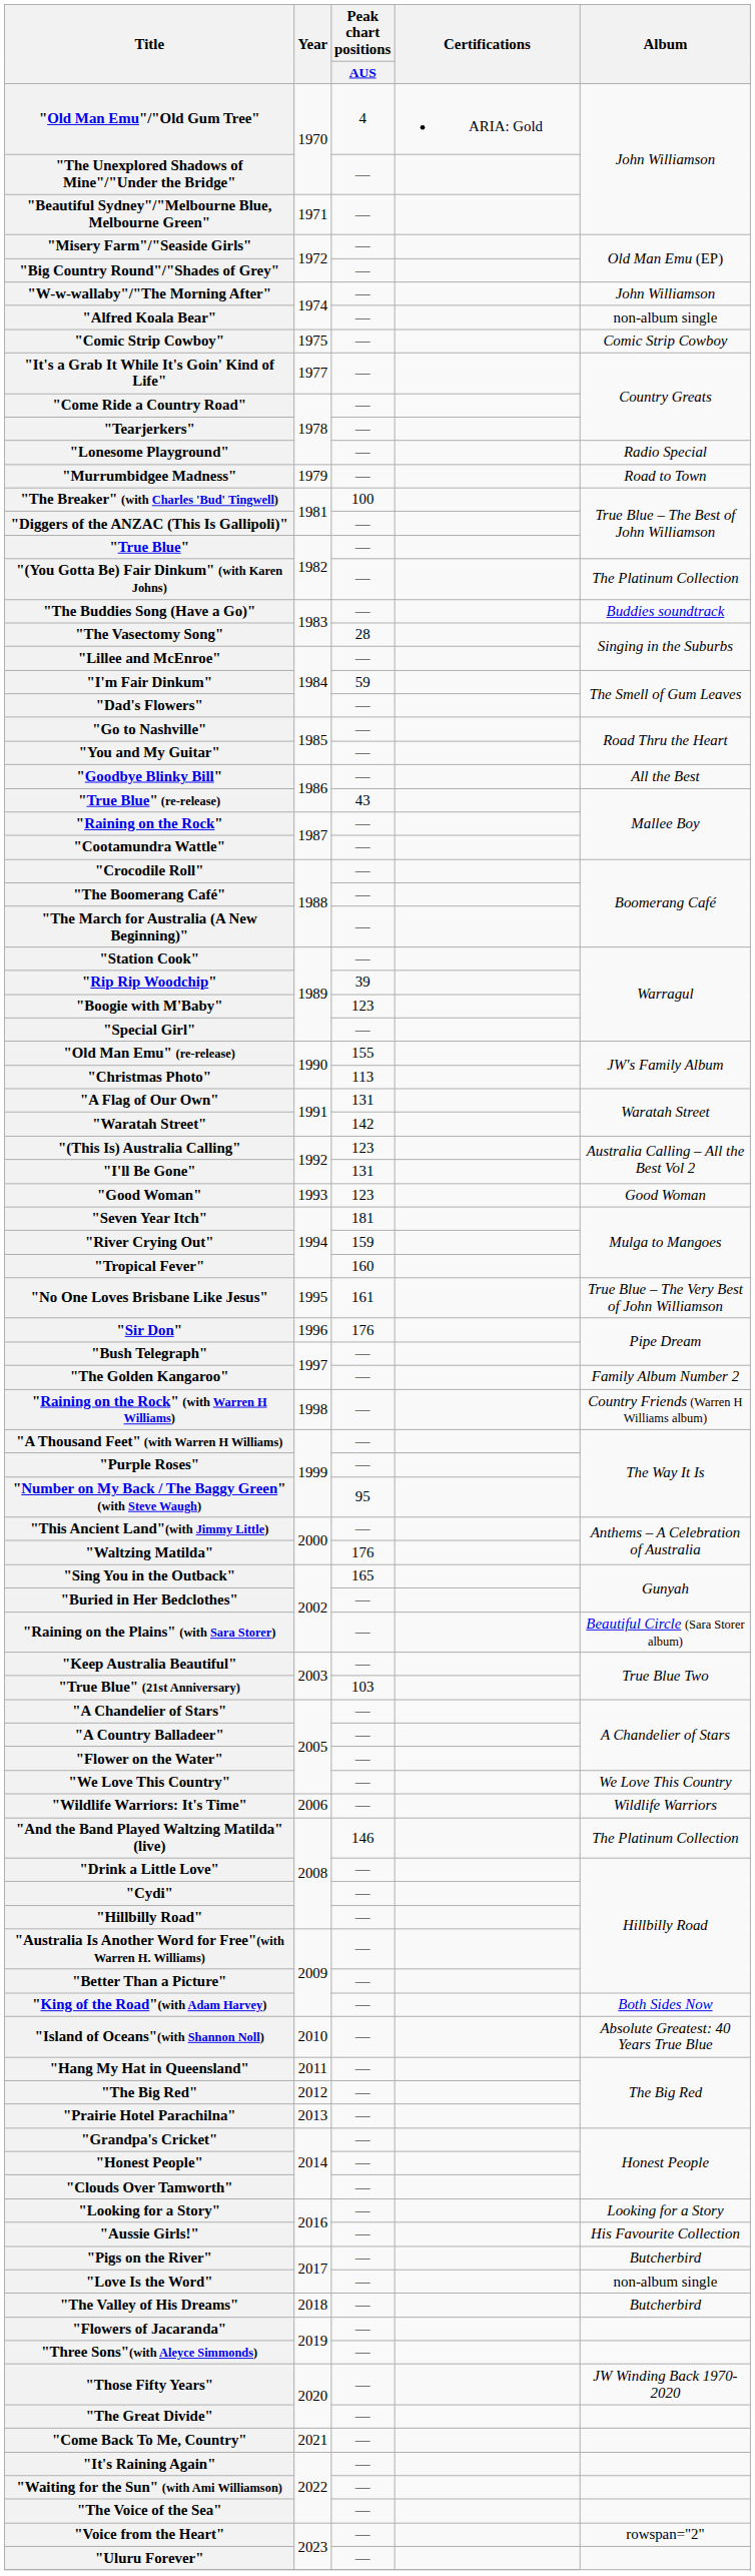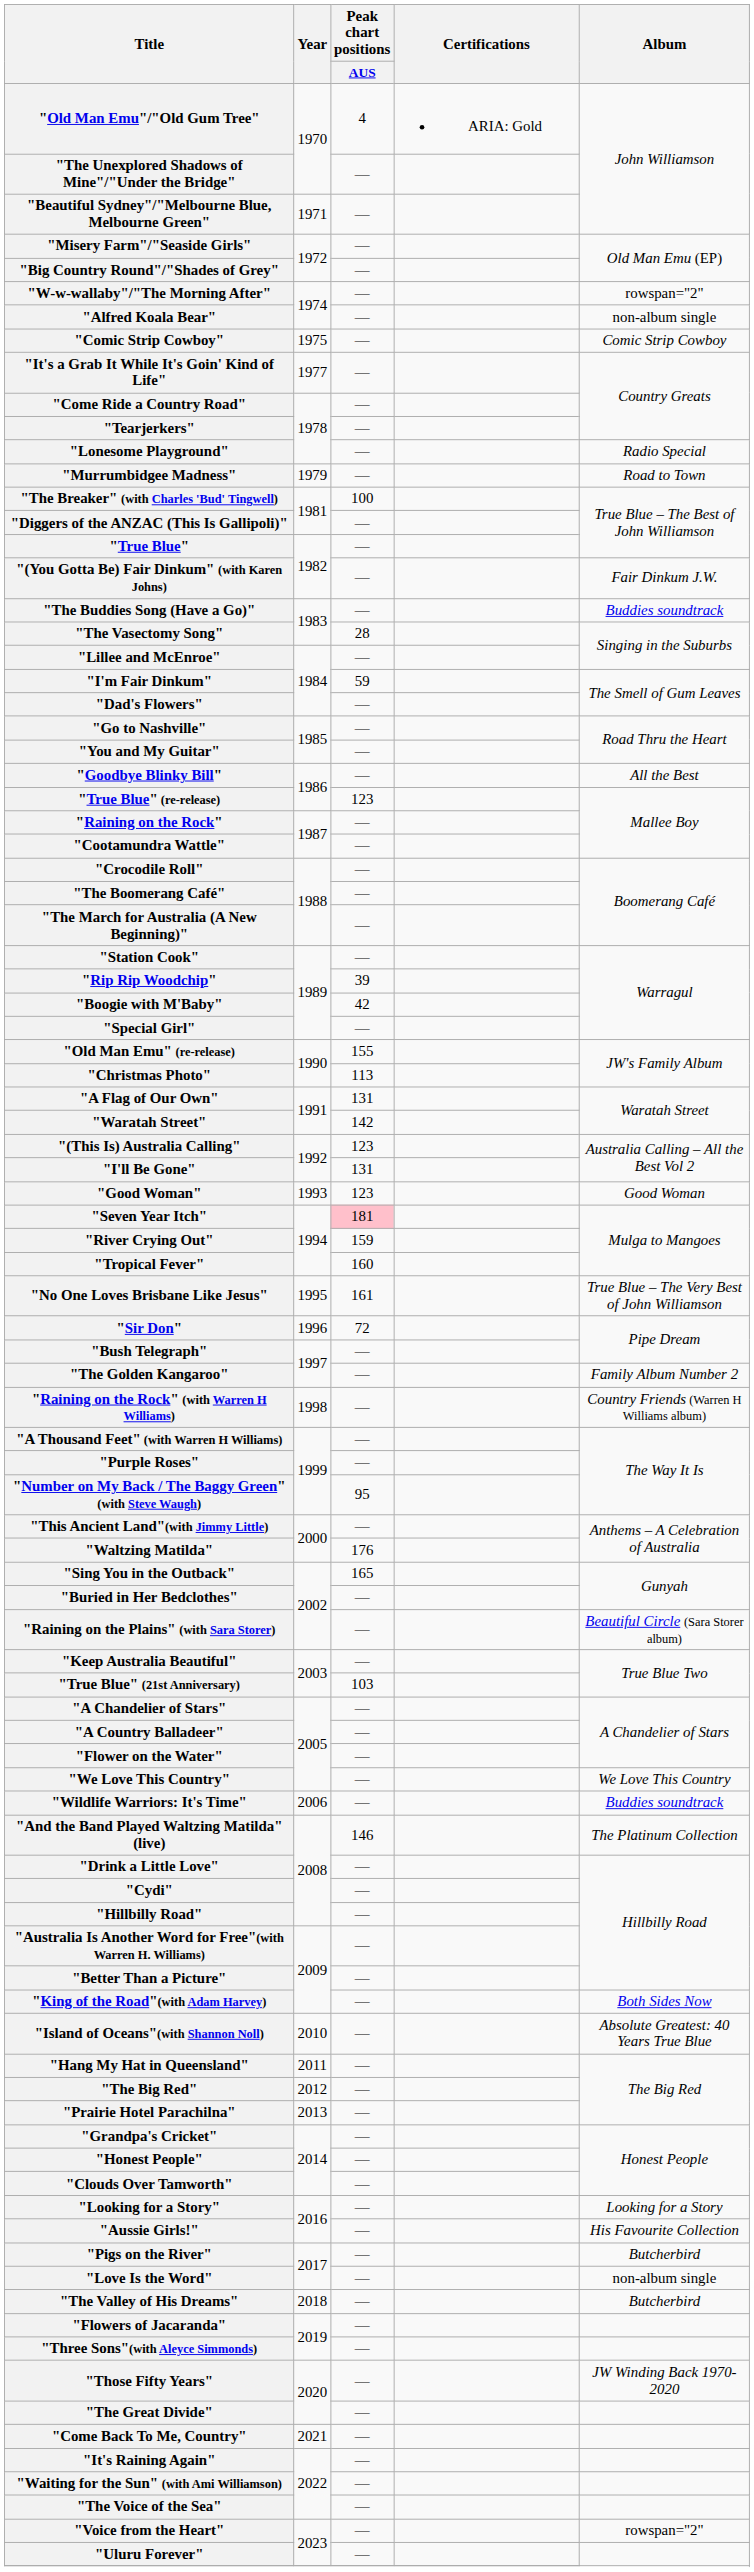 <table class="wikitable plainrowheaders" style="text-align:center;" border="1">
 <tr>
 <th scope="col" rowspan="2" style="width:19em;">Title</th>
 <th scope="col" rowspan="2" style="width:1em;">Year</th>
 <th scope="col" colspan="1">Peak chart positions</th>
 <th scope="col" rowspan="2" style="width:12em;">Certifications</th>
 <th scope="col" rowspan="2" style="width:11em;">Album</th>
 </tr>
 <tr>
 <th scope="col" style="width:3em;font-size:90%;"><a href='#'>AUS</a><br></th>
 </tr>
 <tr>
 <th scope="row">"<a href='#'>Old Man Emu</a>"/"Old Gum Tree"</th>
 <td rowspan="2">1970</td>
 <td>4</td>
 <td><br><ul><li>ARIA: Gold</li></ul></td>
 <td rowspan="3"><em>John Williamson</em></td>
 </tr>
 <tr>
 <th scope="row">"The Unexplored Shadows of Mine"/"Under the Bridge"</th>
 <td>—</td>
 <td></td>
 </tr>
 <tr>
 <th scope="row">"Beautiful Sydney"/"Melbourne Blue, Melbourne Green"</th>
 <td>1971</td>
 <td>—</td>
 <td></td>
 </tr>
 <tr>
 <th scope="row">"Misery Farm"/"Seaside Girls"</th>
 <td rowspan="2">1972</td>
 <td>—</td>
 <td></td>
 <td rowspan="2"><em>Old Man Emu</em> (EP)</td>
 </tr>
 <tr>
 <th scope="row">"Big Country Round"/"Shades of Grey"</th>
 <td>—</td>
 <td></td>
 </tr>
 <tr>
 <th scope="row">"W-w-wallaby"/"The Morning After"</th>
 <td rowspan="2">1974</td>
 <td>—</td>
 <td></td>
-<td><em>John Williamson</em></td>
+<td>rowspan="2" </td>
 </tr>
 <tr>
 <th scope="row">"Alfred Koala Bear"</th>
 <td>—</td>
 <td></td>
 <td>non-album single</td>
 </tr>
 <tr>
 <th scope="row">"Comic Strip Cowboy"</th>
 <td>1975</td>
 <td>—</td>
 <td></td>
 <td><em>Comic Strip Cowboy</em></td>
 </tr>
 <tr>
 <th scope="row">"It's a Grab It While It's Goin' Kind of Life"</th>
 <td>1977</td>
 <td>—</td>
 <td></td>
 <td rowspan="3"><em>Country Greats</em></td>
 </tr>
 <tr>
 <th scope="row">"Come Ride a Country Road"</th>
 <td rowspan="3">1978</td>
 <td>—</td>
 <td></td>
 </tr>
 <tr>
 <th scope="row">"Tearjerkers"</th>
 <td>—</td>
 <td></td>
 </tr>
 <tr>
 <th scope="row">"Lonesome Playground"</th>
 <td>—</td>
 <td></td>
 <td><em>Radio Special</em></td>
 </tr>
 <tr>
 <th scope="row">"Murrumbidgee Madness"</th>
 <td>1979</td>
 <td>—</td>
 <td></td>
 <td><em>Road to Town</em></td>
 </tr>
 <tr>
 <th scope="row">"The Breaker" <small> (with <a href='#'>Charles 'Bud' Tingwell</a>)</small></th>
 <td rowspan="2">1981</td>
 <td>100</td>
 <td></td>
 <td rowspan="3"><em>True Blue – The Best of John Williamson</em></td>
 </tr>
 <tr>
 <th scope="row">"Diggers of the ANZAC (This Is Gallipoli)"</th>
 <td>—</td>
 <td></td>
 </tr>
 <tr>
 <th scope="row">"<a href='#'>True Blue</a>"</th>
 <td rowspan="2">1982</td>
 <td>—</td>
 <td></td>
 </tr>
 <tr>
 <th scope="row">"(You Gotta Be) Fair Dinkum" <small> (with Karen Johns)</small></th>
 <td>—</td>
 <td></td>
-<td rowspan="1"><em>The Platinum Collection</em></td>
+<td><em>Fair Dinkum J.W.</em></td>
 </tr>
 <tr>
 <th scope="row">"The Buddies Song (Have a Go)"</th>
 <td rowspan="2">1983</td>
 <td>—</td>
 <td></td>
 <td><em><a href='#'>Buddies soundtrack</a></em></td>
 </tr>
 <tr>
 <th scope="row">"The Vasectomy Song"</th>
 <td>28</td>
 <td></td>
 <td rowspan="2"><em>Singing in the Suburbs</em></td>
 </tr>
 <tr>
 <th scope="row">"Lillee and McEnroe"</th>
 <td rowspan="3">1984</td>
 <td>—</td>
 <td></td>
 </tr>
 <tr>
 <th scope="row">"I'm Fair Dinkum"</th>
 <td>59</td>
 <td></td>
 <td rowspan="2"><em>The Smell of Gum Leaves</em></td>
 </tr>
 <tr>
 <th scope="row">"Dad's Flowers"</th>
 <td>—</td>
 <td></td>
 </tr>
 <tr>
 <th scope="row">"Go to Nashville"</th>
 <td rowspan="2">1985</td>
 <td>—</td>
 <td></td>
 <td rowspan="2"><em>Road Thru the Heart</em></td>
 </tr>
 <tr>
 <th scope="row">"You and My Guitar"</th>
 <td>—</td>
 <td></td>
 </tr>
 <tr>
 <th scope="row">"<a href='#'>Goodbye Blinky Bill</a>"</th>
 <td rowspan="2">1986</td>
 <td>—</td>
 <td></td>
 <td><em>All the Best</em></td>
 </tr>
 <tr>
 <th scope="row">"<a href='#'>True Blue</a>"<small> (re-release) </small></th>
-<td>43</td>
+<td>123</td>
 <td></td>
 <td rowspan="3"><em>Mallee Boy</em></td>
 </tr>
 <tr>
 <th scope="row">"<a href='#'>Raining on the Rock</a>"</th>
 <td rowspan="2">1987</td>
 <td>—</td>
 <td></td>
 </tr>
 <tr>
 <th scope="row">"Cootamundra Wattle"</th>
 <td>—</td>
 <td></td>
 </tr>
 <tr>
 <th scope="row">"Crocodile Roll"</th>
 <td rowspan="3">1988</td>
 <td>—</td>
 <td></td>
 <td rowspan="3"><em>Boomerang Café</em></td>
 </tr>
 <tr>
 <th scope="row">"The Boomerang Café"</th>
 <td>—</td>
 <td></td>
 </tr>
 <tr>
 <th scope="row">"The March for Australia (A New Beginning)"</th>
 <td>—</td>
 <td></td>
 </tr>
 <tr>
 <th scope="row">"Station Cook"</th>
 <td rowspan="4">1989</td>
 <td>—</td>
 <td></td>
 <td rowspan="4"><em>Warragul</em></td>
 </tr>
 <tr>
 <th scope="row">"<a href='#'>Rip Rip Woodchip</a>"</th>
 <td>39</td>
 <td></td>
 </tr>
 <tr>
 <th scope="row">"Boogie with M'Baby"</th>
-<td>123</td>
+<td>42</td>
 <td></td>
 </tr>
 <tr>
 <th scope="row">"Special Girl"</th>
 <td>—</td>
 <td></td>
 </tr>
 <tr>
 <th scope="row">"Old Man Emu" <small>(re-release)</small></th>
 <td rowspan="2">1990</td>
 <td>155</td>
 <td></td>
 <td rowspan="2"><em>JW's Family Album</em></td>
 </tr>
 <tr>
 <th scope="row">"Christmas Photo"</th>
 <td>113</td>
 <td></td>
 </tr>
 <tr>
 <th scope="row">"A Flag of Our Own"</th>
 <td rowspan="2">1991</td>
 <td>131</td>
 <td></td>
 <td rowspan="2"><em>Waratah Street</em></td>
 </tr>
 <tr>
 <th scope="row">"Waratah Street"</th>
 <td>142</td>
 <td></td>
 </tr>
 <tr>
 <th scope="row">"(This Is) Australia Calling"</th>
 <td rowspan="2">1992</td>
 <td>123</td>
 <td></td>
 <td rowspan="2"><em>Australia Calling – All the Best Vol 2</em></td>
 </tr>
 <tr>
 <th scope="row">"I'll Be Gone"</th>
 <td>131</td>
 <td></td>
 </tr>
 <tr>
 <th scope="row">"Good Woman"</th>
 <td rowspan="1">1993</td>
 <td>123</td>
 <td></td>
 <td rowspan="1"><em>Good Woman</em></td>
 </tr>
 <tr>
 <th scope="row">"Seven Year Itch"</th>
 <td rowspan="3">1994</td>
-<td>181</td>
+<td style="background: pink;">181</td>
 <td></td>
 <td rowspan="3"><em>Mulga to Mangoes</em></td>
 </tr>
 <tr>
 <th scope="row">"River Crying Out"</th>
 <td>159</td>
 <td></td>
 </tr>
 <tr>
 <th scope="row">"Tropical Fever"</th>
 <td>160</td>
 <td></td>
 </tr>
 <tr>
 <th scope="row">"No One Loves Brisbane Like Jesus"</th>
 <td rowspan="1">1995</td>
 <td>161</td>
 <td></td>
 <td><em>True Blue – The Very Best of John Williamson</em></td>
 </tr>
 <tr>
 <th scope="row">"<a href='#'>Sir Don</a>"</th>
 <td>1996</td>
-<td>176</td>
+<td>72</td>
 <td></td>
 <td rowspan="2"><em>Pipe Dream</em></td>
 </tr>
 <tr>
 <th scope="row">"Bush Telegraph"</th>
 <td rowspan="2">1997</td>
 <td>—</td>
 <td></td>
 </tr>
 <tr>
 <th scope="row">"The Golden Kangaroo"</th>
 <td>—</td>
 <td></td>
 <td><em>Family Album Number 2</em></td>
 </tr>
 <tr>
 <th scope="row">"<a href='#'>Raining on the Rock</a>" <small> (with <a href='#'>Warren H Williams</a>)</small></th>
 <td>1998</td>
 <td>—</td>
 <td></td>
 <td><em>Country Friends</em><small> (Warren H Williams album)</small></td>
 </tr>
 <tr>
 <th scope="row">"A Thousand Feet"<small> (with Warren H Williams)</small></th>
 <td rowspan="3">1999</td>
 <td>—</td>
 <td></td>
 <td rowspan="3"><em>The Way It Is</em></td>
 </tr>
 <tr>
 <th scope="row">"Purple Roses"</th>
 <td>—</td>
 <td></td>
 </tr>
 <tr>
 <th scope="row">"<a href='#'>Number on My Back / The Baggy Green</a>"<small>(with <a href='#'>Steve Waugh</a>)</small></th>
 <td>95</td>
 <td></td>
 </tr>
 <tr>
 <th scope="row">"This Ancient Land"<small>(with <a href='#'>Jimmy Little</a>)</small></th>
 <td rowspan="2">2000</td>
 <td>—</td>
 <td></td>
 <td rowspan="2"><em>Anthems – A Celebration of Australia</em></td>
 </tr>
 <tr>
 <th scope="row">"Waltzing Matilda"</th>
 <td>176</td>
 <td></td>
 </tr>
 <tr>
 <th scope="row">"Sing You in the Outback"</th>
 <td rowspan="3">2002</td>
 <td>165</td>
 <td></td>
 <td rowspan="2"><em>Gunyah</em></td>
 </tr>
 <tr>
 <th scope="row">"Buried in Her Bedclothes"</th>
 <td>—</td>
 <td></td>
 </tr>
 <tr>
 <th scope="row">"Raining on the Plains" <small> (with <a href='#'>Sara Storer</a>)</small></th>
 <td>—</td>
 <td></td>
 <td rowspan="1"><em><a href='#'>Beautiful Circle</a></em> <small>(Sara Storer album)</small></td>
 </tr>
 <tr>
 <th scope="row">"Keep Australia Beautiful"</th>
 <td rowspan="2">2003</td>
 <td>—</td>
 <td></td>
 <td rowspan="2"><em>True Blue Two</em></td>
 </tr>
 <tr>
 <th scope="row">"True Blue" <small> (21st Anniversary)</small></th>
 <td>103</td>
 <td></td>
 </tr>
 <tr>
 <th scope="row">"A Chandelier of Stars"</th>
 <td rowspan="4">2005</td>
 <td>—</td>
 <td></td>
 <td rowspan="3"><em>A Chandelier of Stars</em></td>
 </tr>
 <tr>
 <th scope="row">"A Country Balladeer"</th>
 <td>—</td>
 <td></td>
 </tr>
 <tr>
 <th scope="row">"Flower on the Water"</th>
 <td>—</td>
 <td></td>
 </tr>
 <tr>
 <th scope="row">"We Love This Country"</th>
 <td>—</td>
 <td></td>
 <td rowspan="1"><em>We Love This Country</em></td>
 </tr>
 <tr>
 <th scope="row">"Wildlife Warriors: It's Time"</th>
 <td>2006</td>
 <td>—</td>
 <td></td>
-<td><em>Wildlife Warriors</em></td>
+<td><em><a href='#'>Buddies soundtrack</a></em></td>
 </tr>
 <tr>
 <th scope="row">"And the Band Played Waltzing Matilda" (live)</th>
 <td rowspan="4">2008</td>
 <td>146</td>
 <td></td>
 <td rowspan="1"><em>The Platinum Collection</em></td>
 </tr>
 <tr>
 <th scope="row">"Drink a Little Love"</th>
 <td>—</td>
 <td></td>
 <td rowspan="5"><em>Hillbilly Road</em></td>
 </tr>
 <tr>
 <th scope="row">"Cydi"</th>
 <td>—</td>
 <td></td>
 </tr>
 <tr>
 <th scope="row">"Hillbilly Road"</th>
 <td>—</td>
 <td></td>
 </tr>
 <tr>
 <th scope="row">"Australia Is Another Word for Free"<small>(with Warren H. Williams)</small></th>
 <td rowspan="3">2009</td>
 <td>—</td>
 <td></td>
 </tr>
 <tr>
 <th scope="row">"Better Than a Picture"</th>
 <td>—</td>
 <td></td>
 </tr>
 <tr>
 <th scope="row">"<a href='#'>King of the Road</a>"<small>(with <a href='#'>Adam Harvey</a>)</small></th>
 <td>—</td>
 <td></td>
 <td><em><a href='#'>Both Sides Now</a></em></td>
 </tr>
 <tr>
 <th scope="row">"Island of Oceans"<small>(with <a href='#'>Shannon Noll</a>)</small> </th>
 <td>2010</td>
 <td>—</td>
 <td></td>
 <td><em>Absolute Greatest: 40 Years True Blue</em></td>
 </tr>
 <tr>
 <th scope="row">"Hang My Hat in Queensland"</th>
 <td>2011</td>
 <td>—</td>
 <td></td>
 <td rowspan="3"><em>The Big Red</em></td>
 </tr>
 <tr>
 <th scope="row">"The Big Red"</th>
 <td>2012</td>
 <td>—</td>
 <td></td>
 </tr>
 <tr>
 <th scope="row">"Prairie Hotel Parachilna"</th>
 <td>2013</td>
 <td>—</td>
 <td></td>
 </tr>
 <tr>
 <th scope="row">"Grandpa's Cricket"</th>
 <td rowspan="3">2014</td>
 <td>—</td>
 <td></td>
 <td rowspan="3"><em>Honest People</em></td>
 </tr>
 <tr>
 <th scope="row">"Honest People"</th>
 <td>—</td>
 <td></td>
 </tr>
 <tr>
 <th scope="row">"Clouds Over Tamworth"</th>
 <td>—</td>
 <td></td>
 </tr>
 <tr>
 <th scope="row">"Looking for a Story"</th>
 <td rowspan="2">2016</td>
 <td>—</td>
 <td></td>
 <td><em>Looking for a Story</em></td>
 </tr>
 <tr>
 <th scope="row">"Aussie Girls!"</th>
 <td>—</td>
 <td></td>
 <td><em>His Favourite Collection</em></td>
 </tr>
 <tr>
 <th scope="row">"Pigs on the River"</th>
 <td rowspan="2">2017</td>
 <td>—</td>
 <td></td>
 <td><em>Butcherbird</em></td>
 </tr>
 <tr>
 <th scope="row">"Love Is the Word"</th>
 <td>—</td>
 <td></td>
 <td>non-album single</td>
 </tr>
 <tr>
 <th scope="row">"The Valley of His Dreams"</th>
 <td rowspan="1">2018</td>
 <td>—</td>
 <td></td>
 <td><em>Butcherbird</em></td>
 </tr>
 <tr>
 <th scope="row">"Flowers of Jacaranda"</th>
 <td rowspan="2">2019</td>
 <td>—</td>
 <td></td>
 <td></td>
 </tr>
 <tr>
 <th scope="row">"Three Sons"<small>(with <a href='#'>Aleyce Simmonds</a>)</small></th>
 <td>—</td>
 <td></td>
 <td></td>
 </tr>
 <tr>
 <th scope="row">"Those Fifty Years"</th>
 <td rowspan="2">2020</td>
 <td>—</td>
 <td></td>
 <td><em>JW Winding Back 1970-2020</em></td>
 </tr>
 <tr>
 <th scope="row">"The Great Divide"</th>
 <td>—</td>
 <td></td>
 <td></td>
 </tr>
 <tr>
 <th scope="row">"Come Back To Me, Country"</th>
 <td>2021</td>
 <td>—</td>
 <td></td>
 <td></td>
 </tr>
 <tr>
 <th scope="row">"It's Raining Again"</th>
 <td rowspan="3">2022</td>
 <td>—</td>
 <td></td>
 <td></td>
 </tr>
 <tr>
 <th scope="row">"Waiting for the Sun" <small>(with Ami Williamson)</small></th>
 <td>—</td>
 <td></td>
 <td></td>
 </tr>
 <tr>
 <th scope="row">"The Voice of the Sea"</th>
 <td>—</td>
 <td></td>
 <td></td>
 </tr>
 <tr>
 <th scope="row">"Voice from the Heart"</th>
 <td rowspan="2">2023</td>
 <td>—</td>
 <td></td>
 <td>rowspan="2" </td>
 </tr>
 <tr>
 <th scope="row">"Uluru Forever"</th>
 <td>—</td>
 <td></td>
 </tr>
 <tr>
 </tr>
 </table>
